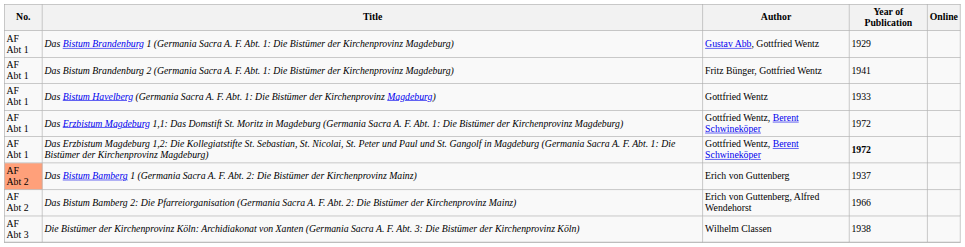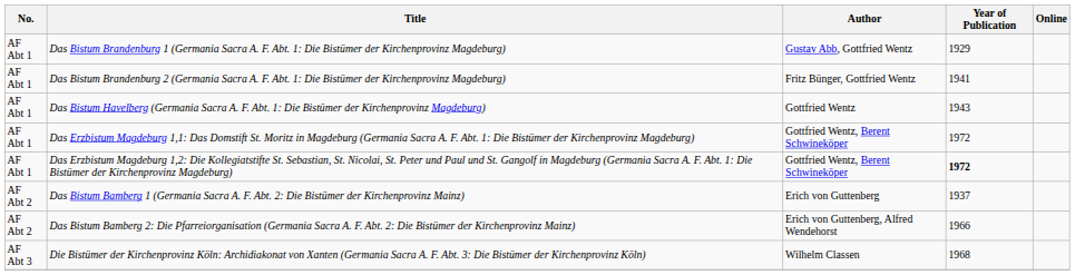 <table class="wikitable">
 <tr>
 <th>No.</th>
 <th>Title</th>
 <th>Author</th>
 <th>Year of Publication</th>
 <th>Online</th>
 </tr>
 <tr>
 <td data-sort-value="AF 1">AF Abt 1</td>
 <td><em>Das <a href='#'>Bistum Brandenburg</a> 1 (Germania Sacra A. F. Abt. 1: Die Bistümer der Kirchenprovinz Magdeburg)</em></td>
 <td><a href='#'>Gustav Abb</a>, Gottfried Wentz</td>
 <td>1929</td>
 <td></td>
 </tr>
 <tr>
 <td data-sort-value="AF 1">AF Abt 1</td>
 <td><em>Das Bistum Brandenburg 2 (Germania Sacra A. F. Abt. 1: Die Bistümer der Kirchenprovinz Magdeburg)</em></td>
 <td>Fritz Bünger, Gottfried Wentz</td>
 <td>1941</td>
 <td></td>
 </tr>
 <tr>
 <td data-sort-value="AF 1">AF Abt 1</td>
 <td><em>Das <a href='#'>Bistum Havelberg</a> (Germania Sacra A. F. Abt. 1: Die Bistümer der Kirchenprovinz <a href='#'>Magdeburg</a>)</em></td>
 <td>Gottfried Wentz</td>
-<td>1933</td>
+<td>1943</td>
 <td></td>
 </tr>
 <tr>
 <td data-sort-value="AF 1">AF Abt 1</td>
 <td><em>Das <a href='#'>Erzbistum Magdeburg</a> 1,1: Das Domstift St. Moritz in Magdeburg (Germania Sacra A. F. Abt. 1: Die Bistümer der Kirchenprovinz Magdeburg)</em></td>
 <td>Gottfried Wentz, <a href='#'>Berent Schwineköper</a></td>
 <td>1972</td>
 <td></td>
 </tr>
 <tr>
 <td data-sort-value="AF 1">AF Abt 1</td>
 <td><em>Das Erzbistum Magdeburg 1,2: Die Kollegiatstifte St. Sebastian, St. Nicolai, St. Peter und Paul und St. Gangolf in Magdeburg (Germania Sacra A. F. Abt. 1: Die Bistümer der Kirchenprovinz Magdeburg)</em></td>
 <td>Gottfried Wentz, <a href='#'>Berent Schwineköper</a></td>
 <td><strong>1972</strong></td>
 <td></td>
 </tr>
 <tr>
-<td data-sort-value="AF 2" style="background: lightsalmon;">AF Abt 2</td>
+<td data-sort-value="AF 2">AF Abt 2</td>
 <td><em>Das <a href='#'>Bistum Bamberg</a> 1 (Germania Sacra A. F. Abt. 2: Die Bistümer der Kirchenprovinz Mainz)</em></td>
 <td>Erich von Guttenberg</td>
 <td>1937</td>
 <td></td>
 </tr>
 <tr>
 <td data-sort-value="AF 2">AF Abt 2</td>
 <td><em>Das Bistum Bamberg 2: Die Pfarreiorganisation (Germania Sacra A. F. Abt. 2: Die Bistümer der Kirchenprovinz Mainz)</em></td>
 <td>Erich von Guttenberg, Alfred Wendehorst</td>
 <td>1966</td>
 <td></td>
 </tr>
 <tr>
 <td data-sort-value="AF 3">AF Abt 3</td>
 <td><em>Die Bistümer der Kirchenprovinz Köln: Archidiakonat von Xanten (Germania Sacra A. F. Abt. 3: Die Bistümer der Kirchenprovinz Köln)</em></td>
 <td>Wilhelm Classen</td>
-<td>1938</td>
+<td>1968</td>
 <td></td>
 </tr>
 <tr>
 </tr>
 </table>
